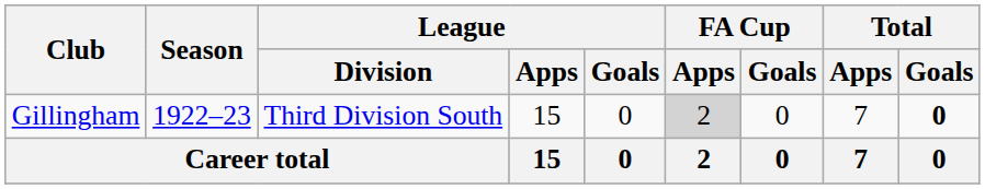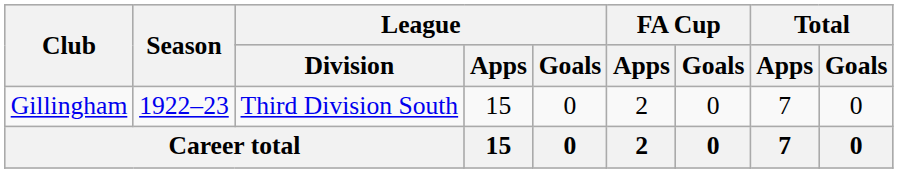 <table class="wikitable" style="text-align: center;">
 <tr>
 <th rowspan="2">Club</th>
 <th rowspan="2">Season</th>
 <th colspan="3">League</th>
 <th colspan="2">FA Cup</th>
 <th colspan="2">Total</th>
 </tr>
 <tr>
 <th>Division</th>
 <th>Apps</th>
 <th>Goals</th>
 <th>Apps</th>
 <th>Goals</th>
 <th>Apps</th>
 <th>Goals</th>
 </tr>
 <tr>
 <td><a href='#'>Gillingham</a></td>
 <td><a href='#'>1922–23</a></td>
 <td><a href='#'>Third Division South</a></td>
 <td>15</td>
 <td>0</td>
-<td style="background: lightgrey;">2</td>
+<td>2</td>
 <td>0</td>
 <td>7</td>
-<td><strong>0</strong></td>
+<td>0</td>
 </tr>
 <tr>
 <th colspan="3">Career total</th>
 <th>15</th>
 <th>0</th>
 <th>2</th>
 <th>0</th>
 <th>7</th>
 <th>0</th>
 </tr>
 </table>
